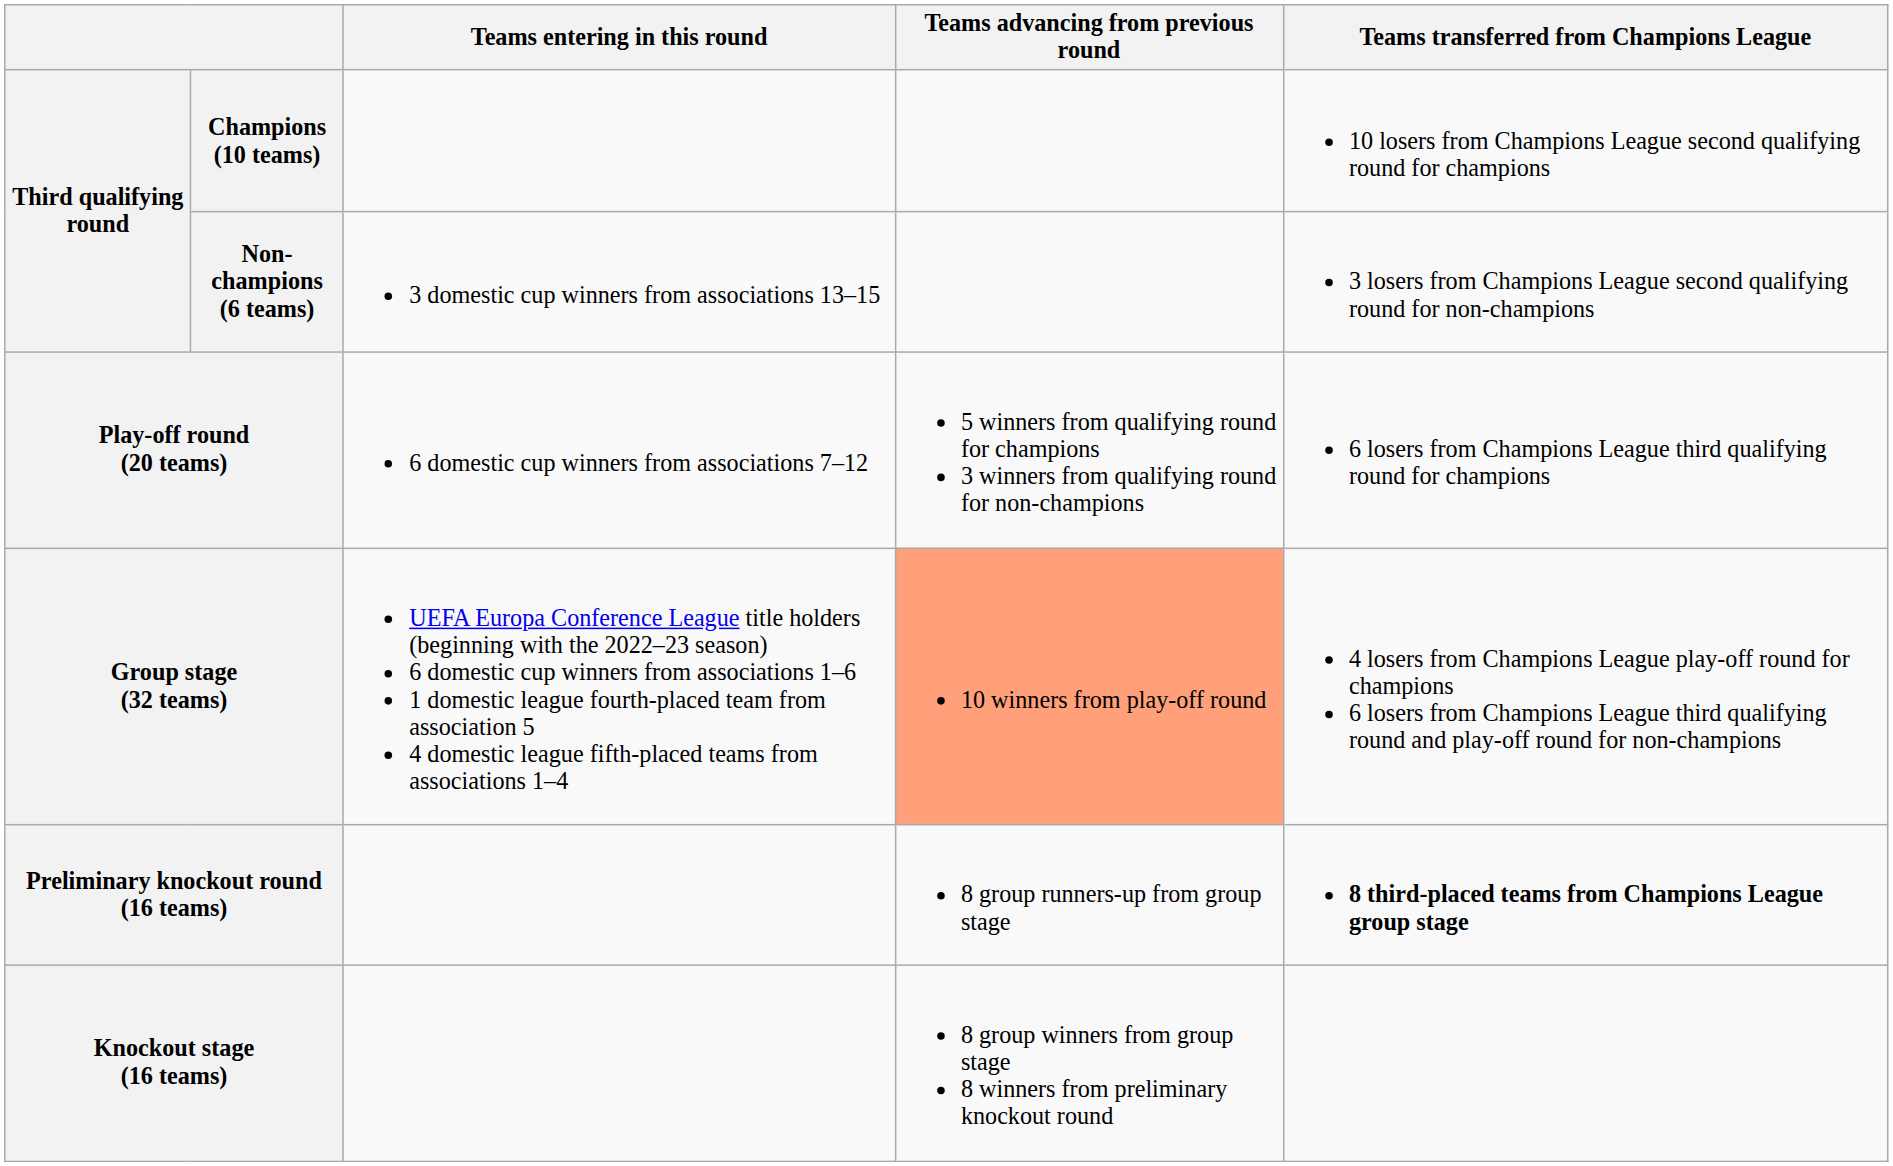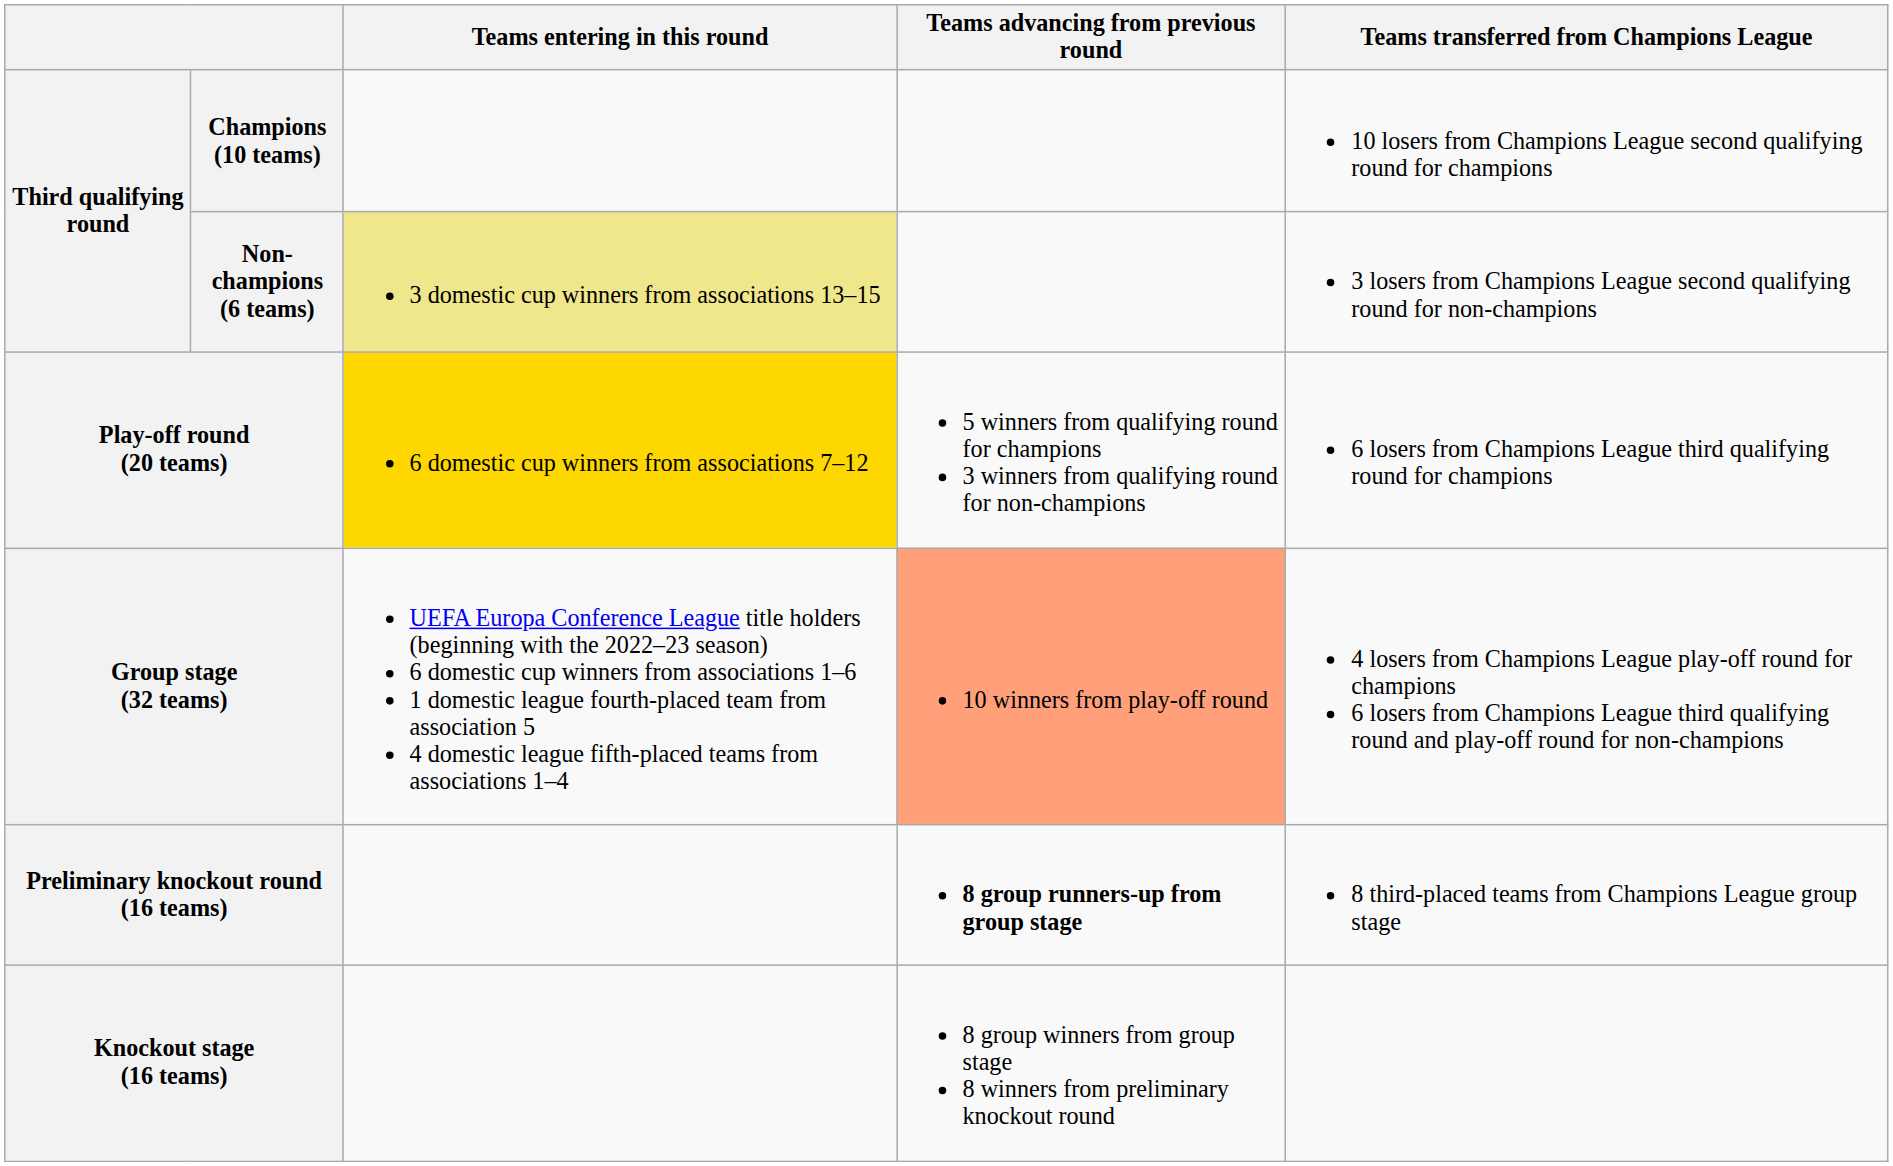 <table class="wikitable">
 <tr>
 <th colspan=2></th>
 <th>Teams entering in this round</th>
 <th>Teams advancing from previous round</th>
 <th>Teams transferred from Champions League</th>
 </tr>
 <tr>
 <th rowspan=2>Third qualifying round</th>
 <th>Champions<br>(10 teams)</th>
 <td></td>
 <td></td>
 <td><br><ul><li>10 losers from Champions League second qualifying round for champions</li></ul></td>
 </tr>
 <tr>
 <th>Non-champions<br>(6 teams)</th>
-<td><br><ul><li>3 domestic cup winners from associations 13–15</li></ul></td>
+<td style="background: khaki;"><br><ul><li>3 domestic cup winners from associations 13–15</li></ul></td>
 <td></td>
 <td><br><ul><li>3 losers from Champions League second qualifying round for non-champions</li></ul></td>
 </tr>
 <tr>
 <th colspan=2>Play-off round<br>(20 teams)</th>
-<td><br><ul><li>6 domestic cup winners from associations 7–12</li></ul></td>
+<td style="background: gold;"><br><ul><li>6 domestic cup winners from associations 7–12</li></ul></td>
 <td><br><ul><li>5 winners from qualifying round for champions</li><li>3 winners from qualifying round for non-champions</li></ul></td>
 <td><br><ul><li>6 losers from Champions League third qualifying round for champions</li></ul></td>
 </tr>
 <tr>
 <th colspan=2>Group stage<br>(32 teams)</th>
 <td><br><ul><li><a href='#'>UEFA Europa Conference League</a> title holders (beginning with the 2022–23 season)</li><li>6 domestic cup winners from associations 1–6</li><li>1 domestic league fourth-placed team from association 5</li><li>4 domestic league fifth-placed teams from associations 1–4</li></ul></td>
 <td style="background: lightsalmon;"><br><ul><li>10 winners from play-off round</li></ul></td>
 <td><br><ul><li>4 losers from Champions League play-off round for champions</li><li>6 losers from Champions League third qualifying round and play-off round for non-champions</li></ul></td>
 </tr>
 <tr>
 <th colspan=2>Preliminary knockout round<br>(16 teams)</th>
 <td></td>
-<td><br><ul><li>8 group runners-up from group stage</li></ul></td>
-<td><strong><br><ul><li>8 third-placed teams from Champions League group stage</li></ul></strong></td>
+<td><strong><br><ul><li>8 group runners-up from group stage</li></ul></strong></td>
+<td><br><ul><li>8 third-placed teams from Champions League group stage</li></ul></td>
 </tr>
 <tr>
 <th colspan=2>Knockout stage<br>(16 teams)</th>
 <td></td>
 <td><br><ul><li>8 group winners from group stage</li><li>8 winners from preliminary knockout round</li></ul></td>
 <td></td>
 </tr>
 </table>
